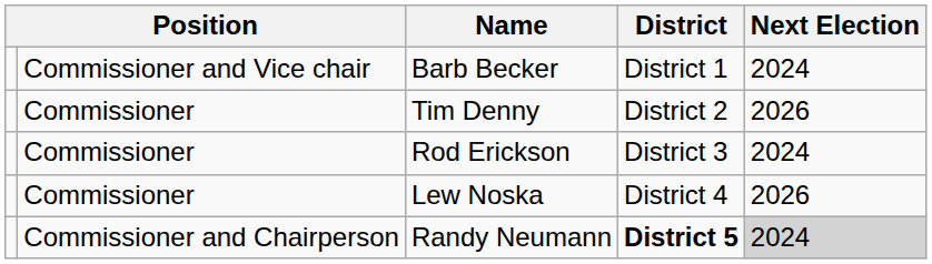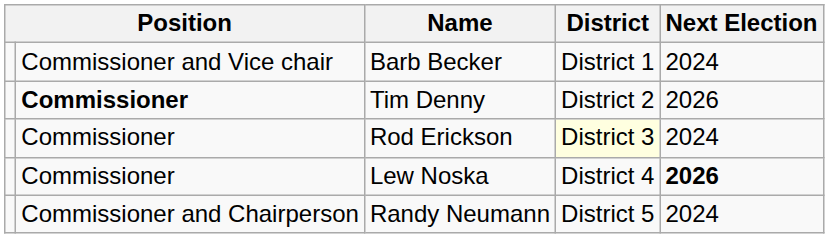 <table class="wikitable">
 <tr>
 <th colspan="2">Position</th>
 <th>Name</th>
 <th>District</th>
 <th>Next Election</th>
 </tr>
 <tr>
 <td></td>
 <td>Commissioner and Vice chair</td>
 <td>Barb Becker</td>
 <td>District 1</td>
 <td>2024</td>
 </tr>
 <tr>
 <td></td>
-<td>Commissioner</td>
+<td><strong>Commissioner</strong></td>
 <td>Tim Denny</td>
 <td>District 2</td>
 <td>2026</td>
 </tr>
 <tr>
 <td></td>
 <td>Commissioner</td>
 <td>Rod Erickson</td>
-<td>District 3</td>
+<td style="background: lightyellow;">District 3</td>
 <td>2024</td>
 </tr>
 <tr>
 <td></td>
 <td>Commissioner</td>
 <td>Lew Noska</td>
 <td>District 4</td>
-<td>2026</td>
+<td><strong>2026</strong></td>
 </tr>
 <tr>
 <td></td>
 <td>Commissioner and Chairperson</td>
 <td>Randy Neumann</td>
-<td><strong>District 5</strong></td>
-<td style="background: lightgrey;">2024</td>
+<td>District 5</td>
+<td>2024</td>
 </tr>
 </table>
